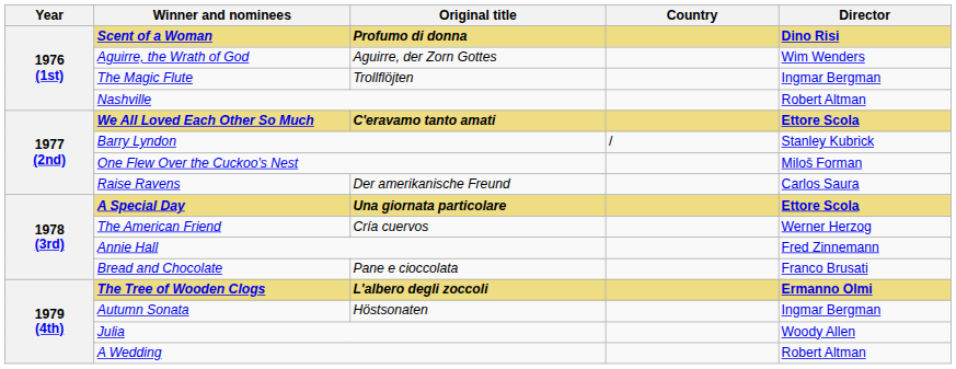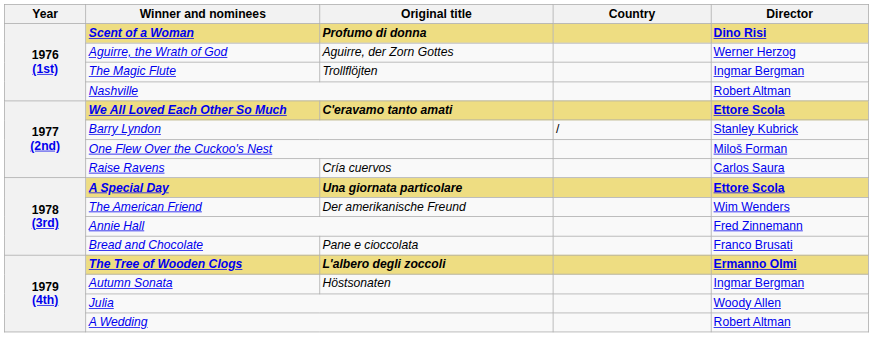 <table class="wikitable">
 <tr>
 <th width="100">Year</th>
 <th width="300">Winner and nominees</th>
 <th width="300">Original title</th>
 <th width="200">Country</th>
 <th width="200">Director</th>
 </tr>
 <tr>
 <th rowspan="4" style="text-align:center;">1976<br><a href='#'>(1st)</a></th>
 <td style="background:#eedd82;"><em><a href='#'><strong>Scent of a Woman</strong></a></em></td>
 <td style="background:#eedd82;"><strong><em>Profumo di donna</em></strong></td>
 <td style="background:#eedd82;"><strong></strong></td>
 <td style="background:#eedd82;"><strong><a href='#'>Dino Risi</a></strong></td>
 </tr>
 <tr>
 <td><em><a href='#'>Aguirre, the Wrath of God</a></em></td>
 <td><em>Aguirre, der Zorn Gottes</em></td>
 <td></td>
-<td><a href='#'>Wim Wenders</a></td>
+<td><a href='#'>Werner Herzog</a></td>
 </tr>
 <tr>
 <td><em><a href='#'>The Magic Flute</a></em></td>
 <td><em>Trollflöjten</em></td>
 <td></td>
 <td><a href='#'>Ingmar Bergman</a></td>
 </tr>
 <tr>
 <td colspan="2"><em><a href='#'>Nashville</a></em></td>
 <td></td>
 <td><a href='#'>Robert Altman</a></td>
 </tr>
 <tr>
 <th rowspan="4" style="text-align:center;">1977<br><a href='#'>(2nd)</a></th>
 <td style="background:#eedd82;"><strong><em><a href='#'>We All Loved Each Other So Much</a></em></strong></td>
 <td style="background:#eedd82;"><strong><em>C'eravamo tanto amati</em></strong></td>
 <td style="background:#eedd82;"><strong></strong></td>
 <td style="background:#eedd82;"><strong><a href='#'>Ettore Scola</a></strong></td>
 </tr>
 <tr>
 <td colspan="2"><em><a href='#'>Barry Lyndon</a></em></td>
 <td>/<br></td>
 <td><a href='#'>Stanley Kubrick</a></td>
 </tr>
 <tr>
 <td colspan="2"><em><a href='#'>One Flew Over the Cuckoo's Nest</a></em></td>
 <td></td>
 <td><a href='#'>Miloš Forman</a></td>
 </tr>
 <tr>
 <td><em><a href='#'>Raise Ravens</a></em></td>
-<td><em>Der amerikanische Freund</em></td>
+<td><em>Cría cuervos</em></td>
 <td></td>
 <td><a href='#'>Carlos Saura</a></td>
 </tr>
 <tr>
 <th rowspan="4" style="text-align:center;">1978<br><a href='#'>(3rd)</a></th>
 <td style="background:#eedd82;"><strong><em><a href='#'>A Special Day</a></em></strong></td>
 <td style="background:#eedd82;"><strong><em>Una giornata particolare</em></strong></td>
 <td style="background:#eedd82;"><strong></strong></td>
 <td style="background:#eedd82;"><strong><a href='#'>Ettore Scola</a></strong></td>
 </tr>
 <tr>
 <td><em><a href='#'>The American Friend</a></em></td>
-<td><em>Cría cuervos</em></td>
+<td><em>Der amerikanische Freund</em></td>
 <td></td>
-<td><a href='#'>Werner Herzog</a></td>
+<td><a href='#'>Wim Wenders</a></td>
 </tr>
 <tr>
 <td colspan="2"><em><a href='#'>Annie Hall</a></em></td>
 <td></td>
 <td><a href='#'>Fred Zinnemann</a></td>
 </tr>
 <tr>
 <td><em><a href='#'>Bread and Chocolate</a></em></td>
 <td><em>Pane e cioccolata</em></td>
 <td></td>
 <td><a href='#'>Franco Brusati</a></td>
 </tr>
 <tr>
 <th rowspan="4" style="text-align:center;">1979<br><a href='#'>(4th)</a></th>
 <td style="background:#eedd82;"><strong><em><a href='#'>The Tree of Wooden Clogs</a></em></strong></td>
 <td style="background:#eedd82;"><strong><em>L'albero degli zoccoli</em></strong></td>
 <td style="background:#eedd82;"><strong></strong></td>
 <td style="background:#eedd82;"><strong><a href='#'>Ermanno Olmi</a></strong></td>
 </tr>
 <tr>
 <td><em><a href='#'>Autumn Sonata</a></em></td>
 <td><em>Höstsonaten</em></td>
 <td></td>
 <td><a href='#'>Ingmar Bergman</a></td>
 </tr>
 <tr>
 <td colspan="2"><em><a href='#'>Julia</a></em></td>
 <td></td>
 <td><a href='#'>Woody Allen</a></td>
 </tr>
 <tr>
 <td colspan="2"><em><a href='#'>A Wedding</a></em></td>
 <td></td>
 <td><a href='#'>Robert Altman</a></td>
 </tr>
 </table>
